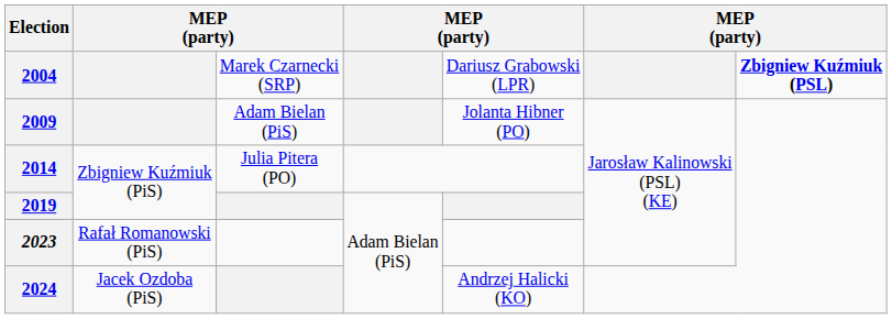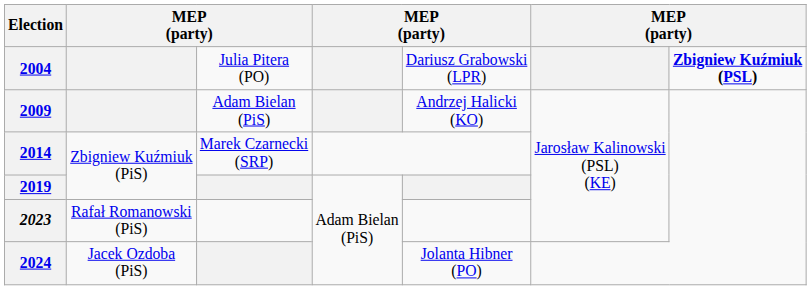 <table class= "wikitable" style= "text-align:center">
 <tr>
 <th>Election</th>
 <th colspan=2>MEP<br>(party)</th>
 <th colspan=2>MEP<br>(party)</th>
 <th colspan=2>MEP<br>(party)</th>
 </tr>
 <tr>
 <th><a href='#'>2004</a></th>
 <th style="background-color: "></th>
-<td rowspan=1><a href='#'>Marek Czarnecki</a><br>(<a href='#'>SRP</a>)</td>
+<td rowspan=1><a href='#'>Julia Pitera</a><br>(PO)</td>
 <th style="background-color: "></th>
 <td rowspan=1><a href='#'>Dariusz Grabowski</a><br>(<a href='#'>LPR</a>)</td>
 <th style="background-color: "></th>
 <td rowspan=1><strong><a href='#'>Zbigniew Kuźmiuk</a><br>(<a href='#'>PSL</a>)</strong></td>
 </tr>
 <tr>
 <th><a href='#'>2009</a></th>
 <th style="background-color: "></th>
 <td rowspan=1><a href='#'>Adam Bielan</a><br>(<a href='#'>PiS</a>)</td>
 <th style="background-color: "></th>
-<td rowspan=1><a href='#'>Jolanta Hibner</a><br>(<a href='#'>PO</a>)</td>
+<td rowspan="1"><a href='#'>Andrzej Halicki</a><br>(<a href='#'>KO</a>)</td>
 <td rowspan="4"><a href='#'>Jarosław Kalinowski</a><br>(PSL)<br>(<a href='#'>KE</a>)</td>
 </tr>
 <tr>
 <th><a href='#'>2014</a></th>
 <td rowspan=2><a href='#'>Zbigniew Kuźmiuk</a><br>(PiS)</td>
-<td rowspan=1><a href='#'>Julia Pitera</a><br>(PO)</td>
+<td rowspan=1><a href='#'>Marek Czarnecki</a><br>(<a href='#'>SRP</a>)</td>
 </tr>
 <tr>
 <th><a href='#'>2019</a></th>
 <th style="background-color: "></th>
 <td rowspan="3">Adam Bielan<br>(PiS)</td>
 <th style="background-color: "></th>
 </tr>
 <tr>
 <th><em>2023</em></th>
 <td rowspan="1"><a href='#'>Rafał Romanowski</a><br>(PiS)</td>
 </tr>
 <tr>
 <th><a href='#'>2024</a></th>
 <td rowspan="3"><a href='#'>Jacek Ozdoba</a><br>(PiS)</td>
 <th style="background-color: "></th>
-<td rowspan="1"><a href='#'>Andrzej Halicki</a><br>(<a href='#'>KO</a>)</td>
+<td rowspan=1><a href='#'>Jolanta Hibner</a><br>(<a href='#'>PO</a>)</td>
 </tr>
 </table>
